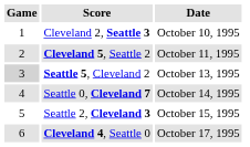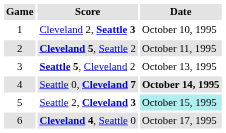 <table border="0" cellspacing="3" cellpadding="3">
 <tr style="background: #e3e3e3;">
 <th>Game</th>
 <th>Score</th>
 <th>Date</th>
 </tr>
 <tr>
 <td align=center>1</td>
 <td><a href='#'>Cleveland</a> 2, <strong><a href='#'>Seattle</a> 3</strong></td>
 <td>October 10, 1995</td>
 </tr>
 <tr style="background: #e3e3e3;">
 <td align=center>2</td>
 <td><strong><a href='#'>Cleveland</a> 5</strong>, <a href='#'>Seattle</a> 2</td>
 <td>October 11, 1995</td>
 </tr>
 <tr>
-<td align=center style="background: lightgrey;">3</td>
+<td align=center>3</td>
 <td><strong><a href='#'>Seattle</a> 5</strong>, <a href='#'>Cleveland</a> 2</td>
 <td>October 13, 1995</td>
 </tr>
 <tr style="background: #e3e3e3;">
 <td align=center>4</td>
 <td><a href='#'>Seattle</a> 0, <strong><a href='#'>Cleveland</a> 7</strong></td>
-<td>October 14, 1995</td>
+<td><strong>October 14, 1995</strong></td>
 </tr>
 <tr>
 <td align=center>5</td>
 <td><a href='#'>Seattle</a> 2, <strong><a href='#'>Cleveland</a> 3</strong></td>
-<td>October 15, 1995</td>
+<td style="background: paleturquoise;">October 15, 1995</td>
 </tr>
 <tr style="background: #e3e3e3;">
 <td align=center>6</td>
 <td><strong><a href='#'>Cleveland</a> 4</strong>, <a href='#'>Seattle</a> 0</td>
 <td>October 17, 1995</td>
 </tr>
 <tr>
 </tr>
 </table>
